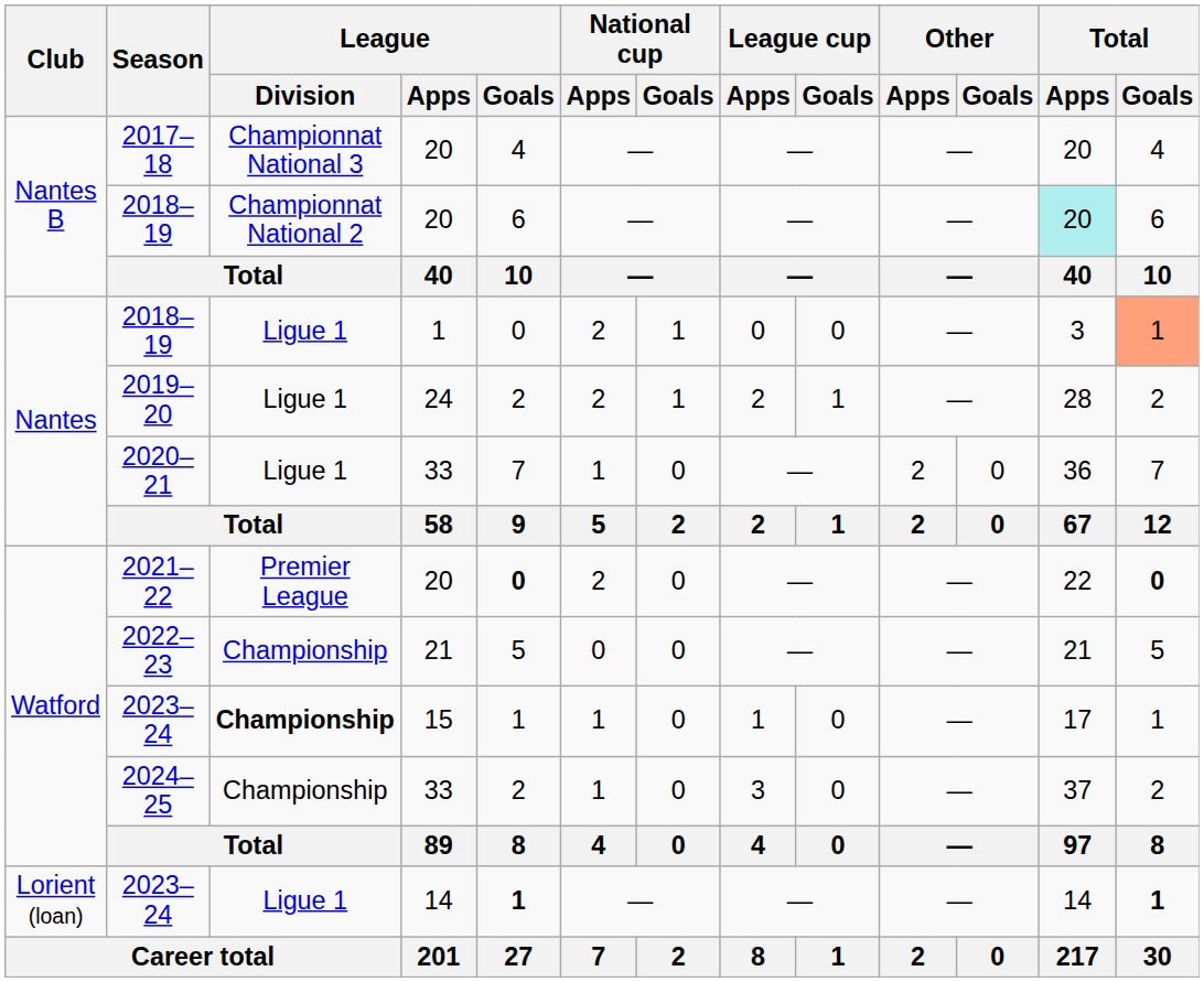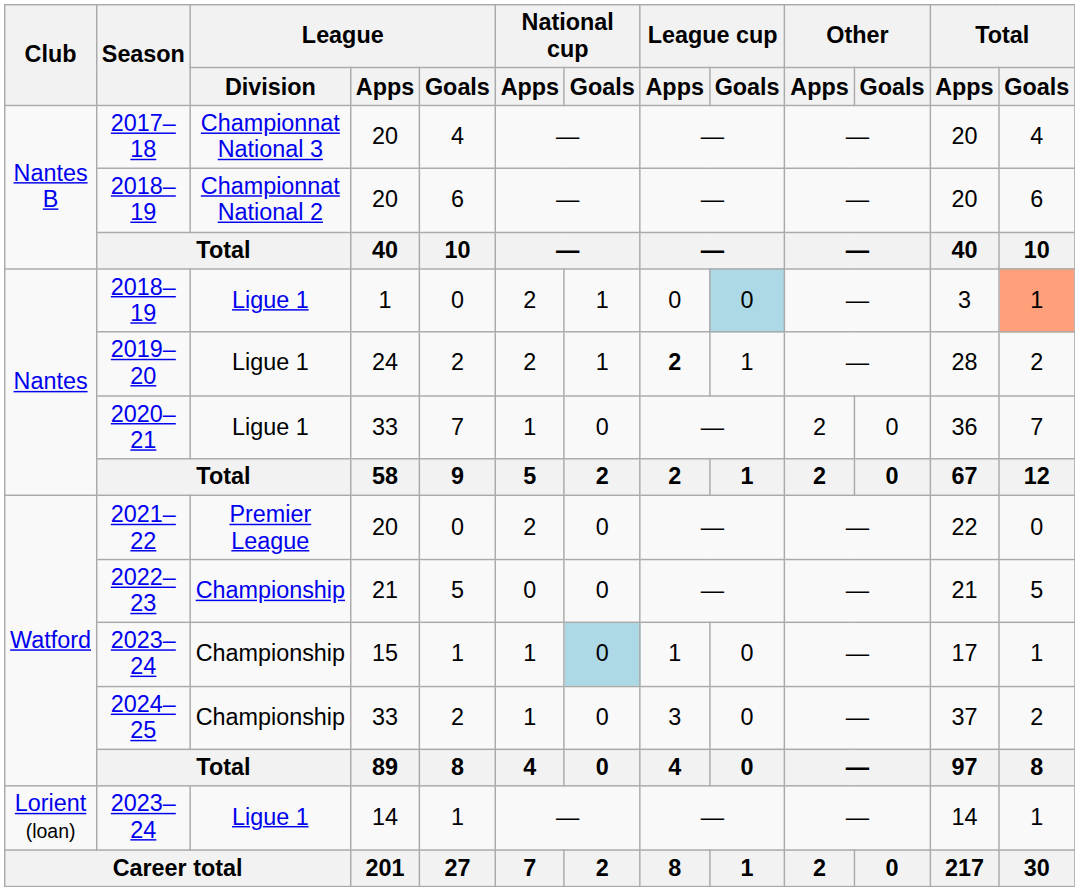 <table class="wikitable" style="text-align:center">
 <tr>
 <th rowspan="2">Club</th>
 <th rowspan="2">Season</th>
 <th colspan="3">League</th>
 <th colspan="2">National cup</th>
 <th colspan="2">League cup</th>
 <th colspan="2">Other</th>
 <th colspan="2">Total</th>
 </tr>
 <tr>
 <th>Division</th>
 <th>Apps</th>
 <th>Goals</th>
 <th>Apps</th>
 <th>Goals</th>
 <th>Apps</th>
 <th>Goals</th>
 <th>Apps</th>
 <th>Goals</th>
 <th>Apps</th>
 <th>Goals</th>
 </tr>
 <tr>
 <td rowspan="3"><a href='#'>Nantes B</a></td>
 <td><a href='#'>2017–18</a></td>
 <td><a href='#'>Championnat National 3</a></td>
 <td>20</td>
 <td>4</td>
 <td colspan="2">—</td>
 <td colspan="2">—</td>
 <td colspan="2">—</td>
 <td>20</td>
 <td>4</td>
 </tr>
 <tr>
 <td><a href='#'>2018–19</a></td>
 <td><a href='#'>Championnat National 2</a></td>
 <td>20</td>
 <td>6</td>
 <td colspan="2">—</td>
 <td colspan="2">—</td>
 <td colspan="2">—</td>
-<td style="background: paleturquoise;">20</td>
+<td>20</td>
 <td>6</td>
 </tr>
 <tr>
 <th colspan="2">Total</th>
 <th>40</th>
 <th>10</th>
 <th colspan="2">—</th>
 <th colspan="2">—</th>
 <th colspan="2">—</th>
 <th>40</th>
 <th>10</th>
 </tr>
 <tr>
 <td rowspan="4"><a href='#'>Nantes</a></td>
 <td><a href='#'>2018–19</a></td>
 <td><a href='#'>Ligue 1</a></td>
 <td>1</td>
 <td>0</td>
 <td>2</td>
 <td>1</td>
 <td>0</td>
-<td>0</td>
+<td style="background: lightblue;">0</td>
 <td colspan="2">—</td>
 <td>3</td>
 <td style="background: lightsalmon;">1</td>
 </tr>
 <tr>
 <td><a href='#'>2019–20</a></td>
 <td>Ligue 1</td>
 <td>24</td>
 <td>2</td>
 <td>2</td>
 <td>1</td>
-<td>2</td>
+<td><strong>2</strong></td>
 <td>1</td>
 <td colspan="2">—</td>
 <td>28</td>
 <td>2</td>
 </tr>
 <tr>
 <td><a href='#'>2020–21</a></td>
 <td>Ligue 1</td>
 <td>33</td>
 <td>7</td>
 <td>1</td>
 <td>0</td>
 <td colspan="2">—</td>
 <td>2</td>
 <td>0</td>
 <td>36</td>
 <td>7</td>
 </tr>
 <tr>
 <th colspan="2">Total</th>
 <th>58</th>
 <th>9</th>
 <th>5</th>
 <th>2</th>
 <th>2</th>
 <th>1</th>
 <th>2</th>
 <th>0</th>
 <th>67</th>
 <th>12</th>
 </tr>
 <tr>
 <td rowspan="5"><a href='#'>Watford</a></td>
 <td><a href='#'>2021–22</a></td>
 <td><a href='#'>Premier League</a></td>
 <td>20</td>
-<td><strong>0</strong></td>
+<td>0</td>
 <td>2</td>
 <td>0</td>
 <td colspan="2">—</td>
 <td colspan="2">—</td>
 <td>22</td>
-<td><strong>0</strong></td>
+<td>0</td>
 </tr>
 <tr>
 <td><a href='#'>2022–23</a></td>
 <td><a href='#'>Championship</a></td>
 <td>21</td>
 <td>5</td>
 <td>0</td>
 <td>0</td>
 <td colspan="2">—</td>
 <td colspan="2">—</td>
 <td>21</td>
 <td>5</td>
 </tr>
 <tr>
 <td><a href='#'>2023–24</a></td>
-<td><strong>Championship</strong></td>
+<td>Championship</td>
 <td>15</td>
 <td>1</td>
 <td>1</td>
-<td>0</td>
+<td style="background: lightblue;">0</td>
 <td>1</td>
 <td>0</td>
 <td colspan="2">—</td>
 <td>17</td>
 <td>1</td>
 </tr>
 <tr>
 <td><a href='#'>2024–25</a></td>
 <td>Championship</td>
 <td>33</td>
 <td>2</td>
 <td>1</td>
 <td>0</td>
 <td>3</td>
 <td>0</td>
 <td colspan="2">—</td>
 <td>37</td>
 <td>2</td>
 </tr>
 <tr>
 <th colspan="2">Total</th>
 <th>89</th>
 <th>8</th>
 <th>4</th>
 <th>0</th>
 <th>4</th>
 <th>0</th>
 <th colspan="2">—</th>
 <th>97</th>
 <th>8</th>
 </tr>
 <tr>
 <td rowspan="1"><a href='#'>Lorient</a> <small>(loan)</small></td>
 <td><a href='#'>2023–24</a></td>
 <td><a href='#'>Ligue 1</a></td>
 <td>14</td>
-<td><strong>1</strong></td>
+<td>1</td>
 <td colspan="2">—</td>
 <td colspan="2">—</td>
 <td colspan="2">—</td>
 <td>14</td>
-<td><strong>1</strong></td>
+<td>1</td>
 </tr>
 <tr>
 <th colspan="3">Career total</th>
 <th>201</th>
 <th>27</th>
 <th>7</th>
 <th>2</th>
 <th>8</th>
 <th>1</th>
 <th>2</th>
 <th>0</th>
 <th>217</th>
 <th>30</th>
 </tr>
 </table>
